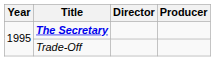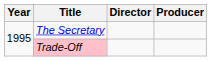 <table class="wikitable">
 <tr>
 <th>Year</th>
 <th>Title</th>
 <th>Director</th>
 <th>Producer</th>
 </tr>
 <tr>
 <td rowspan=2>1995</td>
-<td><strong><em><a href='#'>The Secretary</a></em></strong></td>
+<td><em><a href='#'>The Secretary</a></em></td>
 <td></td>
 <td></td>
 </tr>
 <tr>
-<td><em>Trade-Off</em></td>
+<td style="background: pink;"><em>Trade-Off</em></td>
 <td></td>
 <td></td>
 </tr>
 </table>
